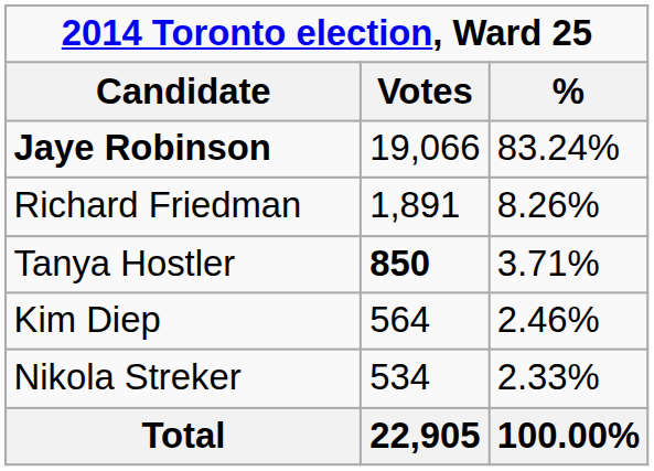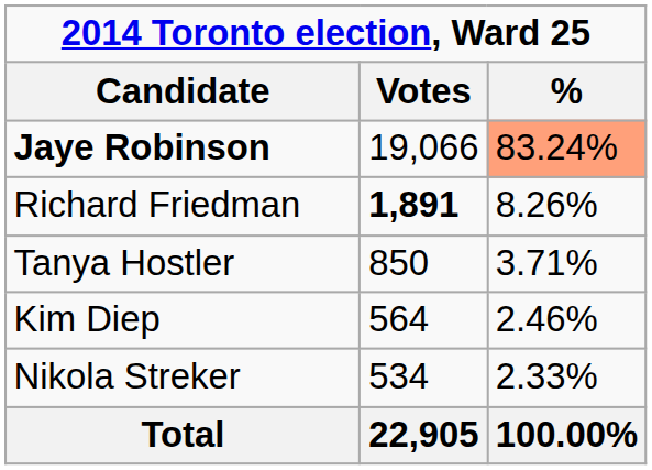 <table class="wikitable">
 <tr>
 <td colspan="3" align="center"><strong><a href='#'>2014 Toronto election</a>, Ward 25</strong> </td>
 </tr>
 <tr>
 <th bgcolor="#DDDDFF" width="150px">Candidate</th>
 <th bgcolor="#DDDDFF">Votes</th>
 <th bgcolor="#DDDDFF">%</th>
 </tr>
 <tr>
 <td><strong>Jaye Robinson</strong></td>
 <td>19,066</td>
-<td>83.24%</td>
+<td style="background: lightsalmon;">83.24%</td>
 </tr>
 <tr>
 <td>Richard Friedman</td>
-<td>1,891</td>
+<td><strong>1,891</strong></td>
 <td>8.26%</td>
 </tr>
 <tr>
 <td>Tanya Hostler</td>
-<td><strong>850</strong></td>
+<td>850</td>
 <td>3.71%</td>
 </tr>
 <tr>
 <td>Kim Diep</td>
 <td>564</td>
 <td>2.46%</td>
 </tr>
 <tr>
 <td>Nikola Streker</td>
 <td>534</td>
 <td>2.33%</td>
 </tr>
 <tr>
 <th>Total</th>
 <th>22,905</th>
 <th>100.00%</th>
 </tr>
 </table>
